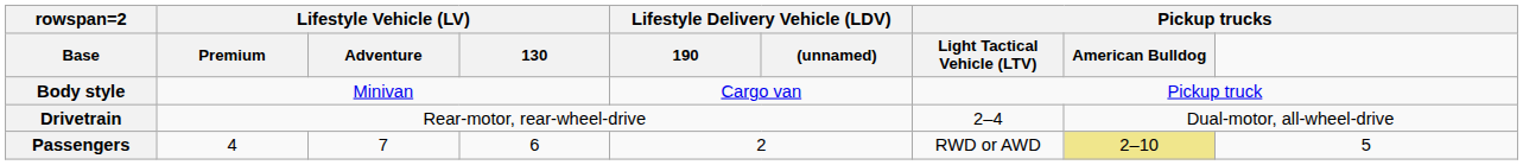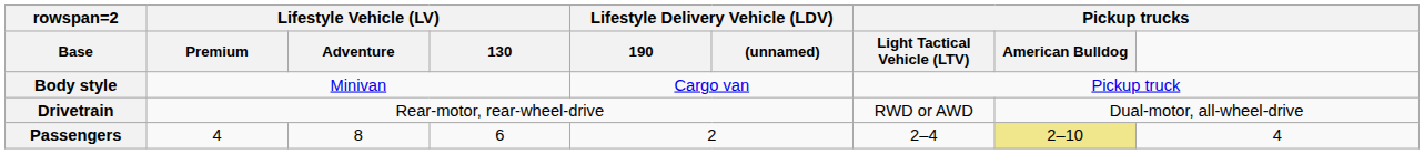 <table class="wikitable" style="font-size:90%;text-align:center;">
 <tr>
 <th>rowspan=2 </th>
 <th colspan=3>Lifestyle Vehicle (LV)</th>
 <th colspan=2>Lifestyle Delivery Vehicle (LDV)</th>
 <th colspan=3>Pickup trucks</th>
 </tr>
 <tr style="font-size:90%;">
 <th style="width:10%;">Base</th>
 <th style="width:10%;">Premium</th>
 <th style="width:10%;">Adventure</th>
 <th style="width:10%;">130</th>
 <th style="width:10%;">190</th>
 <th style="width:10%;">(unnamed)</th>
 <th style="width:10%;">Light Tactical Vehicle (LTV)</th>
 <th style="width:10%;">American Bulldog</th>
 </tr>
 <tr>
 <th>Body style</th>
 <td colspan=3><a href='#'>Minivan</a></td>
 <td colspan=2><a href='#'>Cargo van</a></td>
 <td colspan=3><a href='#'>Pickup truck</a></td>
 </tr>
 <tr>
 <th>Drivetrain</th>
 <td colspan=5>Rear-motor, rear-wheel-drive</td>
-<td>2–4</td>
+<td>RWD or AWD</td>
 <td colspan=3>Dual-motor, all-wheel-drive</td>
 </tr>
 <tr>
 <th>Passengers</th>
 <td>4</td>
-<td>7</td>
+<td>8</td>
 <td>6</td>
 <td colspan=2>2</td>
-<td>RWD or AWD</td>
+<td>2–4</td>
 <td style="background: khaki;">2–10</td>
-<td>5</td>
+<td>4</td>
 </tr>
 </table>
